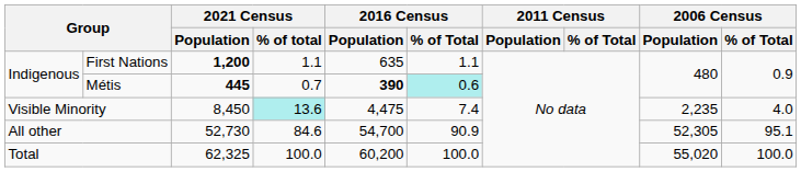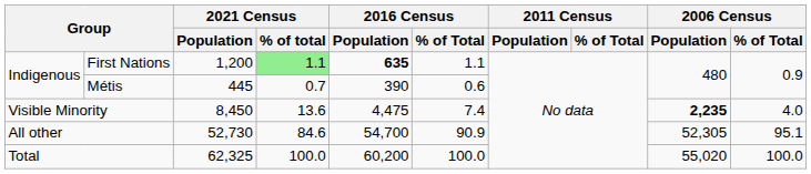 <table class="wikitable" style="text-align:right">
 <tr>
 <th colspan=2 rowspan=2>Group</th>
 <th colspan=2>2021 Census</th>
 <th colspan=2>2016 Census</th>
 <th colspan=2>2011 Census</th>
 <th colspan=2>2006 Census</th>
 </tr>
 <tr>
 <th>Population</th>
 <th>% of total</th>
 <th>Population</th>
 <th>% of Total</th>
 <th>Population</th>
 <th>% of Total</th>
 <th>Population</th>
 <th>% of Total</th>
 </tr>
 <tr>
 <td style="text-align:left" rowspan="2">Indigenous</td>
 <td style="text-align:left">First Nations</td>
-<td><strong>1,200</strong></td>
-<td>1.1</td>
-<td>635</td>
+<td>1,200</td>
+<td style="background: lightgreen;">1.1</td>
+<td><strong>635</strong></td>
 <td>1.1</td>
 <td colspan="2" rowspan="5" style="text-align:center"><em>No data</em></td>
 <td rowspan="2">480</td>
 <td rowspan="2">0.9</td>
 </tr>
 <tr>
 <td style="text-align:left">Métis</td>
-<td><strong>445</strong></td>
+<td>445</td>
 <td>0.7</td>
-<td><strong>390</strong></td>
-<td style="background: paleturquoise;">0.6</td>
+<td>390</td>
+<td>0.6</td>
 </tr>
 <tr>
 <td style="text-align:left" colspan="2">Visible Minority</td>
 <td>8,450</td>
-<td style="background: paleturquoise;">13.6</td>
+<td>13.6</td>
 <td>4,475</td>
 <td>7.4</td>
-<td>2,235</td>
+<td><strong>2,235</strong></td>
 <td>4.0</td>
 </tr>
 <tr>
 <td style="text-align:left" colspan="2">All other</td>
 <td>52,730</td>
 <td>84.6</td>
 <td>54,700</td>
 <td>90.9</td>
 <td>52,305</td>
 <td>95.1</td>
 </tr>
 <tr>
 <td style="text-align:left" colspan="2">Total</td>
 <td>62,325</td>
 <td>100.0</td>
 <td>60,200</td>
 <td>100.0</td>
 <td>55,020</td>
 <td>100.0</td>
 </tr>
 </table>
